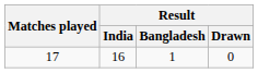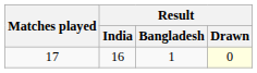 <table class="wikitable">
 <tr>
 <th rowspan=2>Matches played</th>
 <th colspan=3>Result</th>
 </tr>
 <tr>
 <th>India</th>
 <th>Bangladesh</th>
 <th>Drawn</th>
 </tr>
 <tr>
 <td align="center">17</td>
 <td align="center">16</td>
 <td align="center">1</td>
-<td align="center">0</td>
+<td align="center" style="background: lightyellow;">0</td>
 </tr>
 </table>
